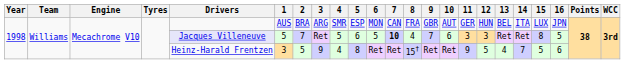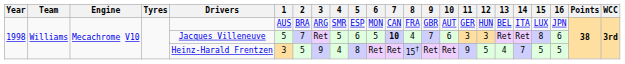 <table class="wikitable" style="text-align:center; font-size:95%">
 <tr>
 <th>Year</th>
 <th>Team</th>
 <th>Engine</th>
 <th>Tyres</th>
 <th>Drivers</th>
 <th>1</th>
 <th>2</th>
 <th>3</th>
 <th>4</th>
 <th>5</th>
 <th>6</th>
 <th>7</th>
 <th>8</th>
 <th>9</th>
 <th>10</th>
 <th>11</th>
 <th>12</th>
 <th>13</th>
 <th>14</th>
 <th>15</th>
 <th>16</th>
 <th>Points</th>
 <th>WCC</th>
 </tr>
 <tr>
 <td rowspan="3"><a href='#'>1998</a></td>
 <td rowspan="3"><a href='#'>Williams</a></td>
 <td rowspan="3"><a href='#'>Mecachrome</a> <a href='#'>V10</a></td>
 <td rowspan="3"></td>
 <td></td>
 <td><a href='#'>AUS</a></td>
 <td><a href='#'>BRA</a></td>
 <td><a href='#'>ARG</a></td>
 <td><a href='#'>SMR</a></td>
 <td><a href='#'>ESP</a></td>
 <td><a href='#'>MON</a></td>
 <td><a href='#'>CAN</a></td>
 <td><a href='#'>FRA</a></td>
 <td><a href='#'>GBR</a></td>
 <td><a href='#'>AUT</a></td>
 <td><a href='#'>GER</a></td>
 <td><a href='#'>HUN</a></td>
 <td><a href='#'>BEL</a></td>
 <td><a href='#'>ITA</a></td>
 <td><a href='#'>LUX</a></td>
 <td><a href='#'>JPN</a></td>
 <td rowspan="3" style="background:#FFDF9F;"><strong>38</strong></td>
 <td rowspan="3" style="background:#FFDF9F;"><strong>3rd</strong></td>
 </tr>
 <tr>
-<td style="background: lavender;"><a href='#'>Jacques Villeneuve</a></td>
+<td><a href='#'>Jacques Villeneuve</a></td>
 <td style="background:#DFFFDF;">5</td>
 <td style="background:#CFCFFF;">7</td>
 <td style="background:#EFCFFF;">Ret</td>
 <td style="background:#DFFFDF;">5</td>
 <td style="background:#DFFFDF;">6</td>
 <td style="background:#DFFFDF;">5</td>
 <td style="background:#CFCFFF;"><strong>10</strong></td>
 <td style="background:#DFFFDF;">4</td>
 <td style="background:#CFCFFF;">7</td>
 <td style="background:#DFFFDF;">6</td>
 <td style="background:#FFDF9F;">3</td>
 <td style="background:#FFDF9F;">3</td>
 <td style="background:#EFCFFF;">Ret</td>
 <td style="background:#EFCFFF;">Ret</td>
 <td style="background:#CFCFFF;">8</td>
-<td style="background:#DFFFDF;">5</td>
+<td style="background:#DFFFDF;">6</td>
 </tr>
 <tr>
 <td><a href='#'>Heinz-Harald Frentzen</a></td>
 <td style="background:#FFDF9F;">3</td>
 <td style="background:#DFFFDF;">5</td>
 <td style="background:#CFCFFF;">9</td>
 <td style="background:#DFFFDF;">4</td>
 <td style="background:#CFCFFF;">8</td>
 <td style="background:#EFCFFF;">Ret</td>
 <td style="background:#EFCFFF;">Ret</td>
 <td style="background:#CFCFFF;">15<sup>†</sup></td>
 <td style="background:#EFCFFF;">Ret</td>
 <td style="background:#EFCFFF;">Ret</td>
 <td style="background:#CFCFFF;">9</td>
 <td style="background:#DFFFDF;">5</td>
 <td style="background:#DFFFDF;">4</td>
 <td style="background:#CFCFFF;">7</td>
 <td style="background:#DFFFDF;">5</td>
-<td style="background:#DFFFDF;">6</td>
+<td style="background:#DFFFDF;">5</td>
 </tr>
 </table>
